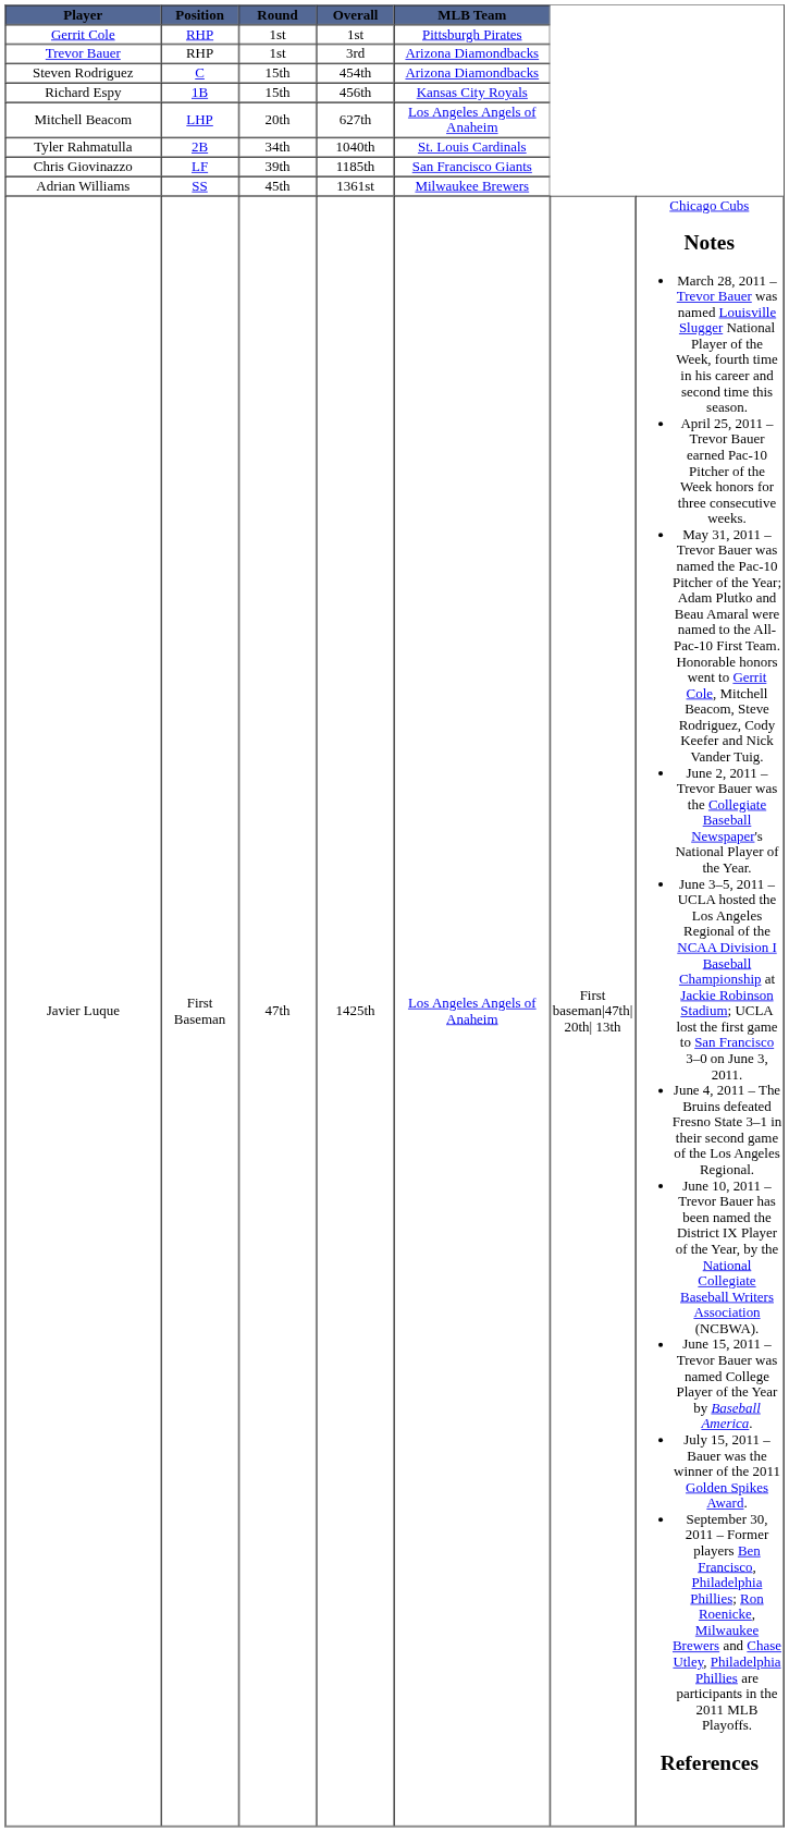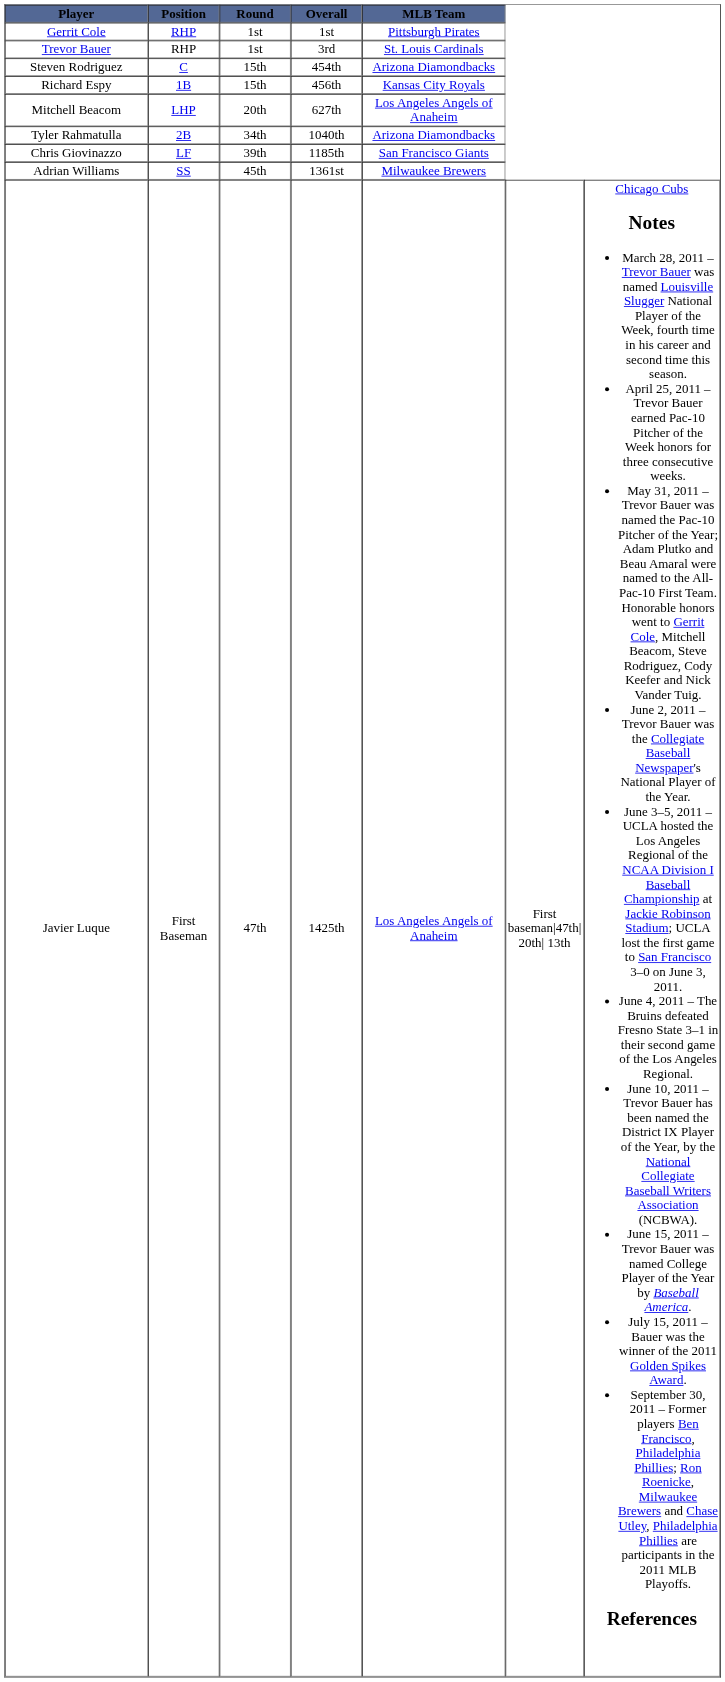 <table cellpadding="1" border="1" cellspacing="0" width="70%">
 <tr>
 <th bgcolor="#536895" width="20%"><span>Player</span></th>
 <th bgcolor="#536895" width="10%"><span>Position</span></th>
 <th bgcolor="#536895" width="10%"><span>Round</span></th>
 <th bgcolor="#536895" width="10%"><span>Overall</span></th>
 <th bgcolor="#536895" width="20%"><span>MLB Team</span></th>
 </tr>
 <tr align="center">
 <td><a href='#'>Gerrit Cole</a></td>
 <td><a href='#'>RHP</a></td>
 <td>1st</td>
 <td>1st</td>
 <td><a href='#'>Pittsburgh Pirates</a></td>
 </tr>
 <tr align="center">
 <td><a href='#'>Trevor Bauer</a></td>
 <td>RHP</td>
 <td>1st</td>
 <td>3rd</td>
-<td><a href='#'>Arizona Diamondbacks</a></td>
+<td><a href='#'>St. Louis Cardinals</a></td>
 </tr>
 <tr align="center">
 <td>Steven Rodriguez</td>
 <td><a href='#'>C</a></td>
 <td>15th</td>
 <td>454th</td>
 <td><a href='#'>Arizona Diamondbacks</a></td>
 </tr>
 <tr align="center">
 <td>Richard Espy</td>
 <td><a href='#'>1B</a></td>
 <td>15th</td>
 <td>456th</td>
 <td><a href='#'>Kansas City Royals</a></td>
 </tr>
 <tr align="center">
 <td>Mitchell Beacom</td>
 <td><a href='#'>LHP</a></td>
 <td>20th</td>
 <td>627th</td>
 <td><a href='#'>Los Angeles Angels of Anaheim</a></td>
 </tr>
 <tr align="center">
 <td>Tyler Rahmatulla</td>
 <td><a href='#'>2B</a></td>
 <td>34th</td>
 <td>1040th</td>
-<td><a href='#'>St. Louis Cardinals</a></td>
+<td><a href='#'>Arizona Diamondbacks</a></td>
 </tr>
 <tr align="center">
 <td>Chris Giovinazzo</td>
 <td><a href='#'>LF</a></td>
 <td>39th</td>
 <td>1185th</td>
 <td><a href='#'>San Francisco Giants</a></td>
 </tr>
 <tr align="center">
 <td>Adrian Williams</td>
 <td><a href='#'>SS</a></td>
 <td>45th</td>
 <td>1361st</td>
 <td><a href='#'>Milwaukee Brewers</a></td>
 </tr>
 <tr align="center">
 <td>Javier Luque</td>
 <td>First Baseman</td>
 <td>47th</td>
 <td>1425th</td>
 <td><a href='#'>Los Angeles Angels of Anaheim</a></td>
 <td Javier Luque>First baseman|47th| 20th| 13th</td>
 <td><a href='#'>Chicago Cubs</a><br><h2>Notes</h2><ul><li>March 28, 2011 – <a href='#'>Trevor Bauer</a> was named <a href='#'>Louisville Slugger</a> National Player of the Week, fourth time in his career and second time this season.</li><li>April 25, 2011 – Trevor Bauer earned Pac-10 Pitcher of the Week honors for three consecutive weeks.</li><li>May 31, 2011 – Trevor Bauer was named the Pac-10 Pitcher of the Year; Adam Plutko and Beau Amaral were named to the All-Pac-10 First Team. Honorable honors went to <a href='#'>Gerrit Cole</a>, Mitchell Beacom, Steve Rodriguez, Cody Keefer and Nick Vander Tuig.</li><li>June 2, 2011 – Trevor Bauer was the <a href='#'>Collegiate Baseball Newspaper</a>'s National Player of the Year.</li><li>June 3–5, 2011 – UCLA hosted the Los Angeles Regional of the <a href='#'>NCAA Division I Baseball Championship</a> at <a href='#'>Jackie Robinson Stadium</a>; UCLA lost the first game to <a href='#'>San Francisco</a> 3–0 on June 3, 2011.</li><li>June 4, 2011 – The Bruins defeated Fresno State 3–1 in their second game of the Los Angeles Regional.</li><li>June 10, 2011 – Trevor Bauer has been named the District IX Player of the Year, by the <a href='#'>National Collegiate Baseball Writers Association</a> (NCBWA).</li><li>June 15, 2011 – Trevor Bauer was named College Player of the Year by <em><a href='#'>Baseball America</a></em>.</li><li>July 15, 2011 – Bauer was the winner of the 2011 <a href='#'>Golden Spikes Award</a>.</li><li>September 30, 2011 – Former players <a href='#'>Ben Francisco</a>, <a href='#'>Philadelphia Phillies</a>; <a href='#'>Ron Roenicke</a>, <a href='#'>Milwaukee Brewers</a> and <a href='#'>Chase Utley</a>, <a href='#'>Philadelphia Phillies</a> are participants in the 2011 MLB Playoffs.</li></ul><h2>References</h2><br><br>    </td>
 </tr>
 </table>
